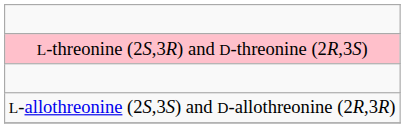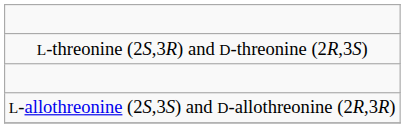 <table class="wikitable centered" style="text-align:center">
 <tr>
 <td> <br></td>
 </tr>
 <tr>
-<td style="background: pink;"><small>L</small>-threonine (2<em>S</em>,3<em>R</em>) and <small>D</small>-threonine (2<em>R</em>,3<em>S</em>)<br></td>
+<td><small>L</small>-threonine (2<em>S</em>,3<em>R</em>) and <small>D</small>-threonine (2<em>R</em>,3<em>S</em>)<br></td>
 </tr>
 <tr>
 <td> <br></td>
 </tr>
 <tr>
 <td><small>L</small>-<a href='#'>allothreonine</a> (2<em>S</em>,3<em>S</em>) and <small>D</small>-allothreonine (2<em>R</em>,3<em>R</em>)</td>
 </tr>
 <tr>
 </tr>
 </table>
